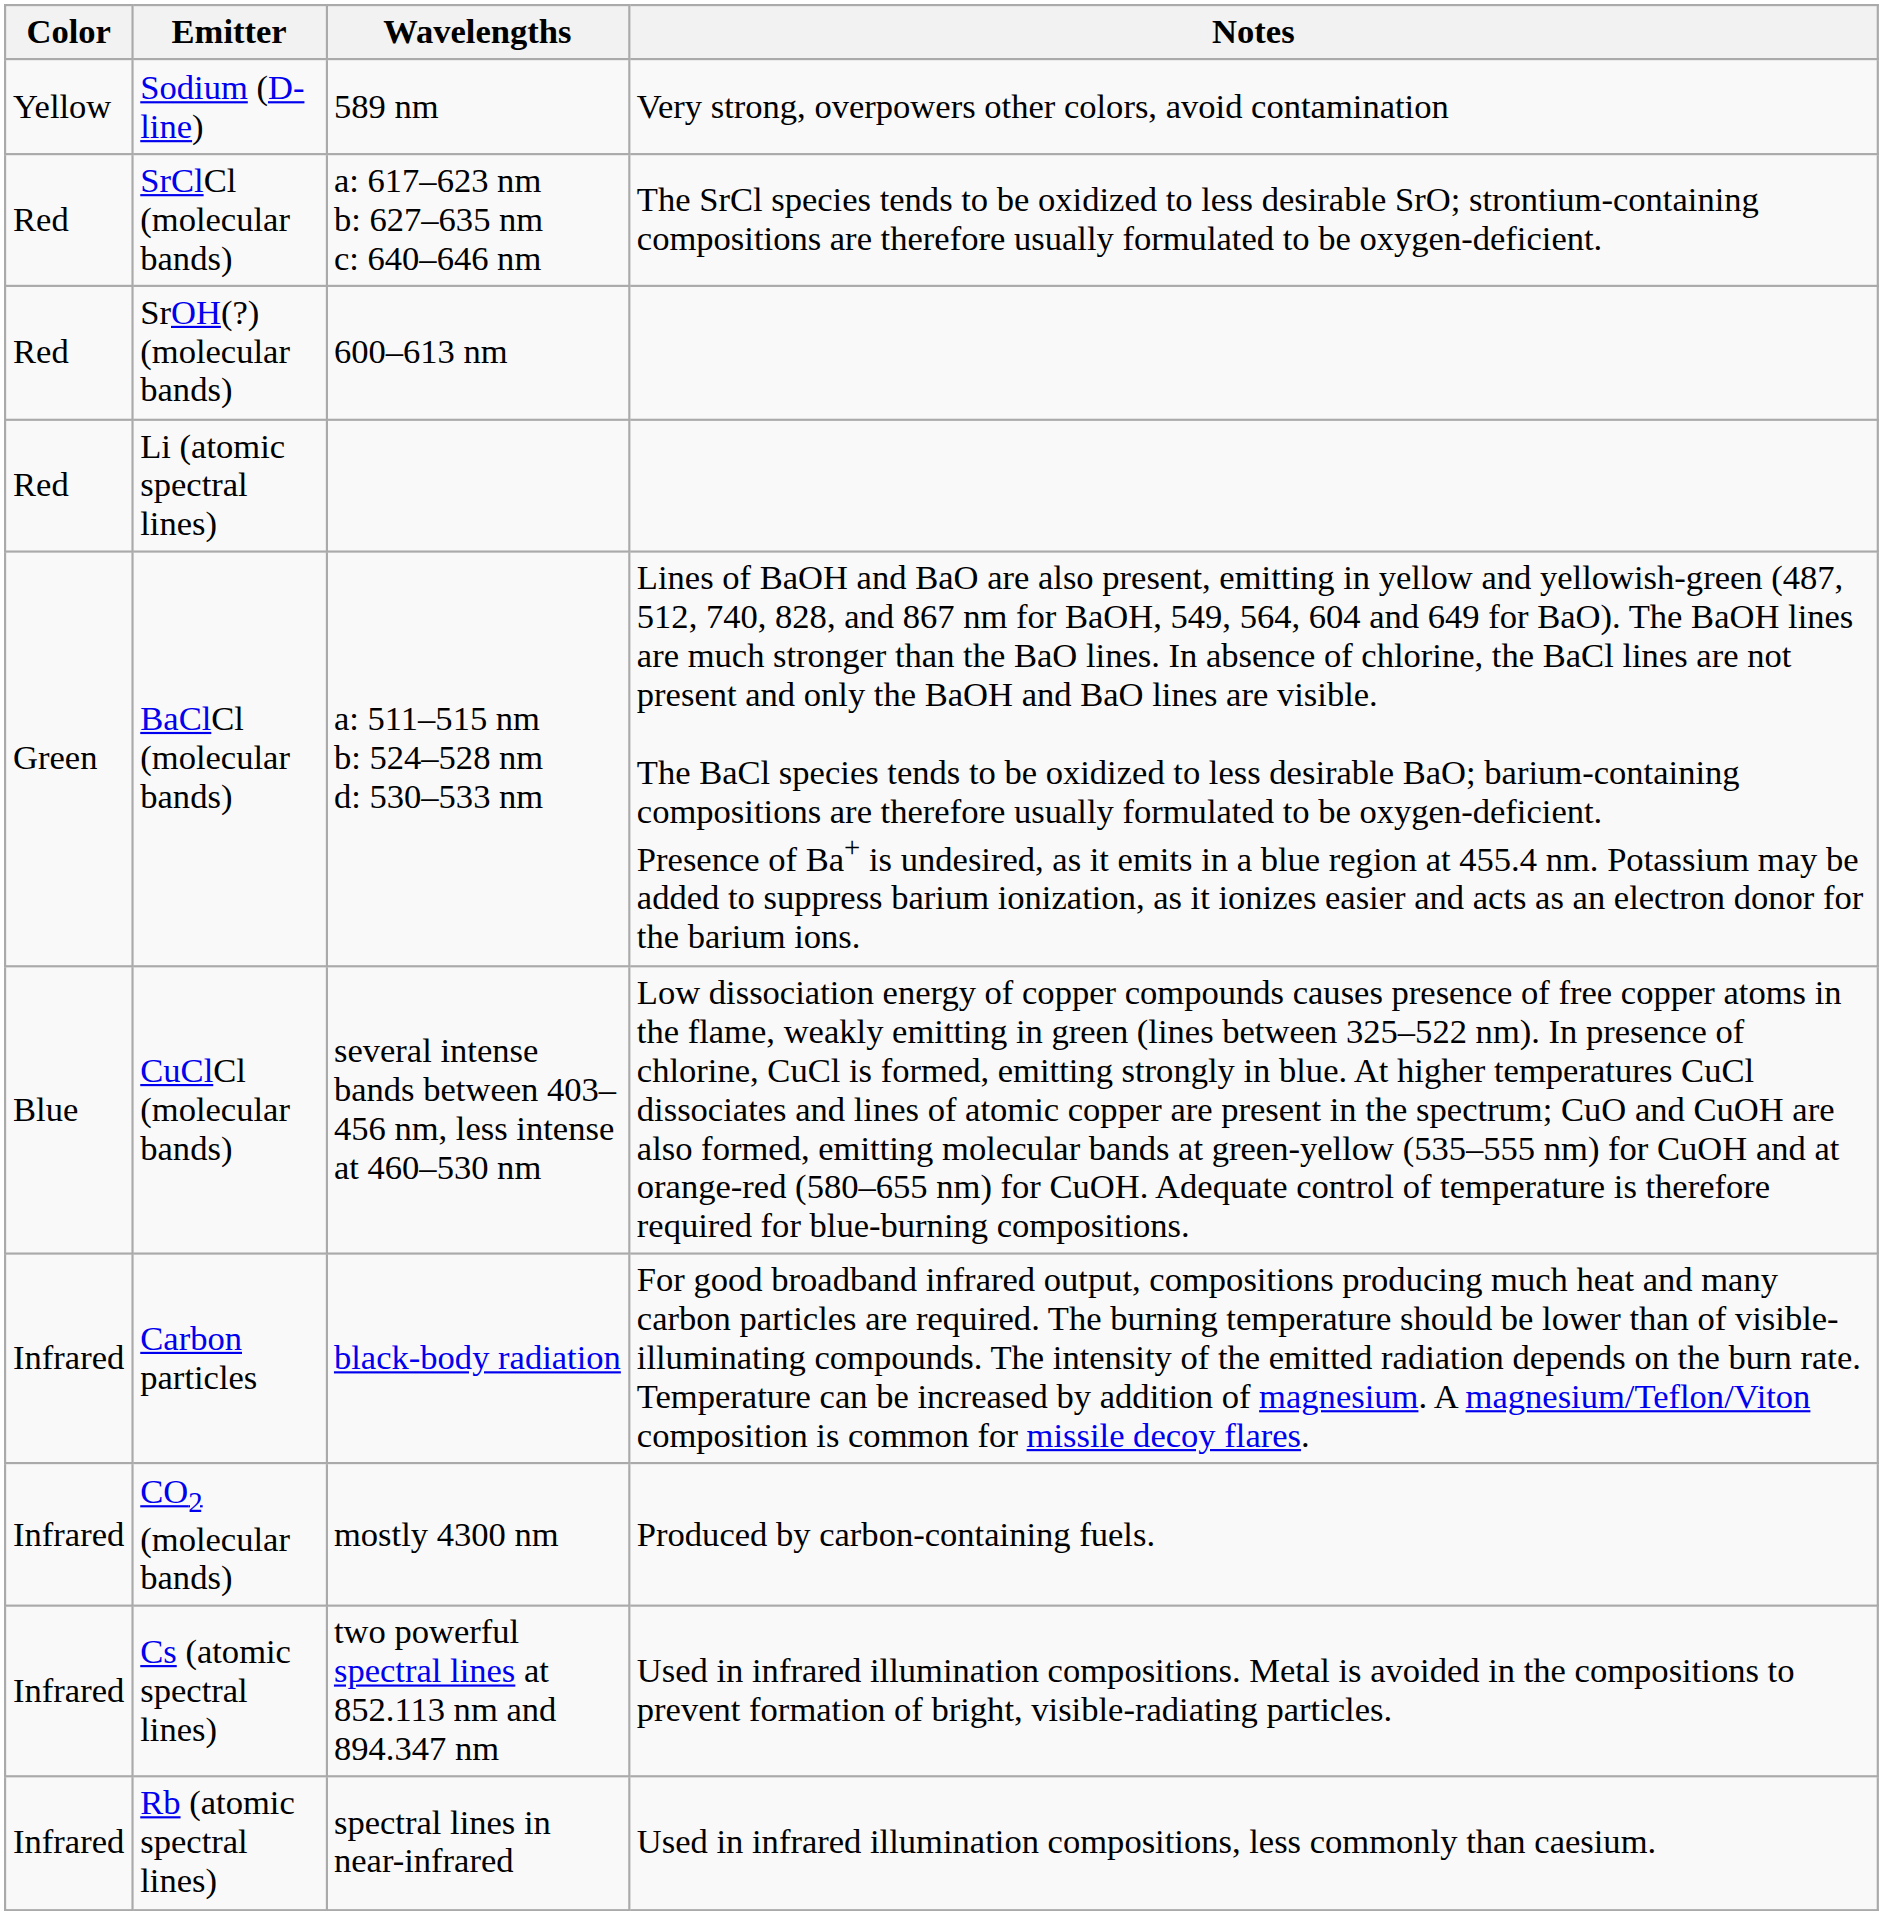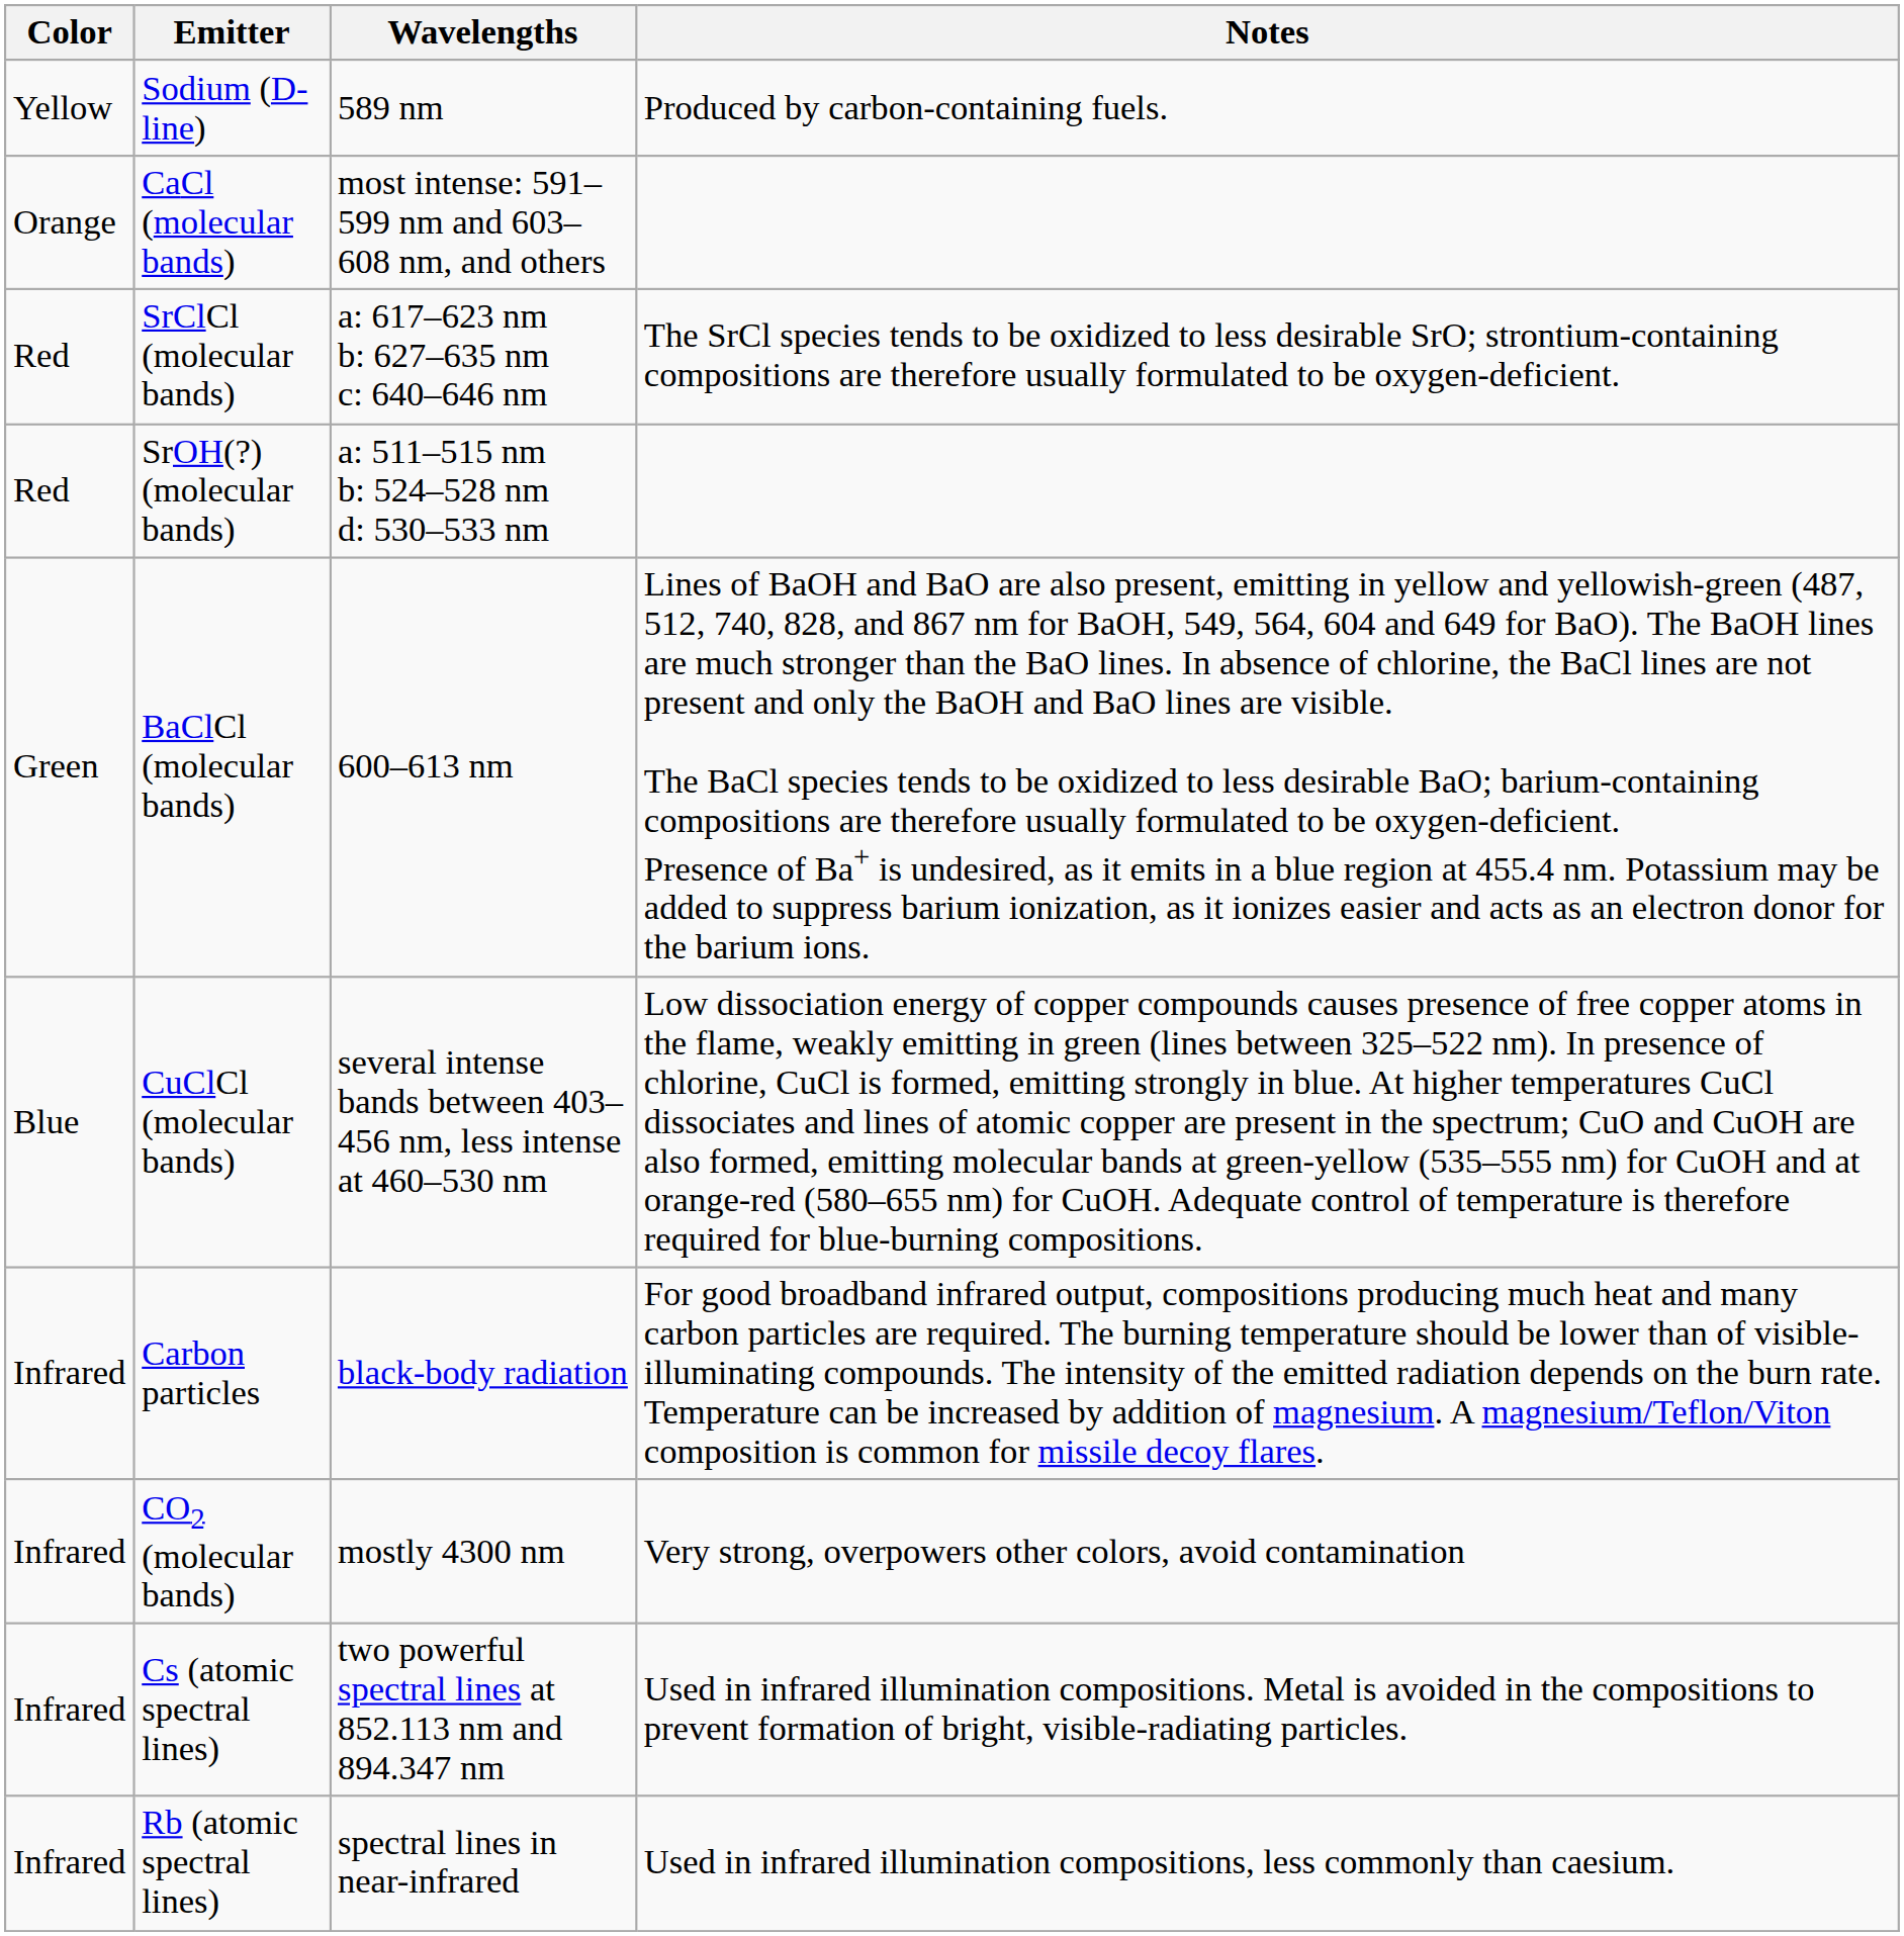 <table class="wikitable">
 <tr>
 <th>Color</th>
 <th>Emitter</th>
 <th>Wavelengths</th>
 <th>Notes</th>
 </tr>
 <tr>
 <td>Yellow</td>
 <td><a href='#'>Sodium</a> (<a href='#'>D-line</a>)</td>
 <td>589 nm</td>
-<td>Very strong, overpowers other colors, avoid contamination</td>
+<td>Produced by carbon-containing fuels.</td>
+</tr>
+<tr>
+<td>Orange</td>
+<td><a href='#'>Ca</a><a href='#'>Cl</a> (<a href='#'>molecular bands</a>)</td>
+<td>most intense: 591–599 nm and 603–608 nm, and others</td>
+<td></td>
 </tr>
 <tr>
 <td>Red</td>
 <td><a href='#'>SrCl</a>Cl (molecular bands)</td>
 <td>a: 617–623 nm<br>b: 627–635 nm<br>c: 640–646 nm</td>
 <td>The SrCl species tends to be oxidized to less desirable SrO; strontium-containing compositions are therefore usually formulated to be oxygen-deficient.</td>
 </tr>
 <tr>
 <td>Red</td>
 <td>Sr<a href='#'>OH</a>(?) (molecular bands)</td>
-<td>600–613 nm</td>
-<td></td>
-</tr>
-<tr>
-<td>Red</td>
-<td>Li (atomic spectral lines)</td>
-<td></td>
+<td>a: 511–515 nm<br>b: 524–528 nm<br>d: 530–533 nm</td>
 <td></td>
 </tr>
 <tr>
 <td>Green</td>
 <td><a href='#'>BaCl</a>Cl (molecular bands)</td>
-<td>a: 511–515 nm<br>b: 524–528 nm<br>d: 530–533 nm</td>
+<td>600–613 nm</td>
 <td>Lines of BaOH and BaO are also present, emitting in yellow and yellowish-green (487, 512, 740, 828, and 867 nm for BaOH, 549, 564, 604 and 649 for BaO). The BaOH lines are much stronger than the BaO lines. In absence of chlorine, the BaCl lines are not present and only the BaOH and BaO lines are visible.<br><br>The BaCl species tends to be oxidized to less desirable BaO; barium-containing compositions are therefore usually formulated to be oxygen-deficient. <br>Presence of Ba<sup>+</sup> is undesired, as it emits in a blue region at 455.4 nm. Potassium may be added to suppress barium ionization, as it ionizes easier and acts as an electron donor for the barium ions.</td>
 </tr>
 <tr>
 <td>Blue</td>
 <td><a href='#'>CuCl</a>Cl (molecular bands)</td>
 <td>several intense bands between 403–456 nm, less intense at 460–530 nm</td>
 <td>Low dissociation energy of copper compounds causes presence of free copper atoms in the flame, weakly emitting in green (lines between 325–522 nm). In presence of chlorine, CuCl is formed, emitting strongly in blue. At higher temperatures CuCl dissociates and lines of atomic copper are present in the spectrum; CuO and CuOH are also formed, emitting molecular bands at green-yellow (535–555 nm) for CuOH and at orange-red (580–655 nm) for CuOH. Adequate control of temperature is therefore required for blue-burning compositions.</td>
 </tr>
 <tr>
 <td>Infrared</td>
 <td><a href='#'>Carbon</a> particles</td>
 <td><a href='#'>black-body radiation</a></td>
 <td>For good broadband infrared output, compositions producing much heat and many carbon particles are required. The burning temperature should be lower than of visible-illuminating compounds. The intensity of the emitted radiation depends on the burn rate. Temperature can be increased by addition of <a href='#'>magnesium</a>. A <a href='#'>magnesium/Teflon/Viton</a> composition is common for <a href='#'>missile decoy flares</a>.</td>
 </tr>
 <tr>
 <td>Infrared</td>
 <td><a href='#'>CO<sub>2</sub></a> (molecular bands)</td>
 <td>mostly 4300 nm</td>
-<td>Produced by carbon-containing fuels.</td>
+<td>Very strong, overpowers other colors, avoid contamination</td>
 </tr>
 <tr>
 <td>Infrared</td>
 <td><a href='#'>Cs</a> (atomic spectral lines)</td>
 <td>two powerful <a href='#'>spectral lines</a> at 852.113 nm and 894.347 nm</td>
 <td>Used in infrared illumination compositions. Metal is avoided in the compositions to prevent formation of bright, visible-radiating particles.</td>
 </tr>
 <tr>
 <td>Infrared</td>
 <td><a href='#'>Rb</a> (atomic spectral lines)</td>
 <td>spectral lines in near-infrared</td>
 <td>Used in infrared illumination compositions, less commonly than caesium.</td>
 </tr>
 </table>
